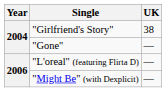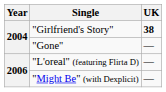 <table class="wikitable sortable">
 <tr>
 <th>Year</th>
 <th>Single</th>
 <th>UK</th>
 </tr>
 <tr>
 <th rowspan="2">2004</th>
 <td>"Girlfriend's Story"</td>
-<td>38</td>
+<td><strong>38</strong></td>
 </tr>
 <tr>
 <td>"Gone"</td>
 <td>—</td>
 </tr>
 <tr>
 <th rowspan="2">2006</th>
 <td>"L'oreal" <small>(featuring Flirta D)</small></td>
 <td>—</td>
 </tr>
 <tr>
 <td>"<a href='#'>Might Be</a>" <small>(with Dexplicit)</small></td>
 <td>—</td>
 </tr>
 </table>
